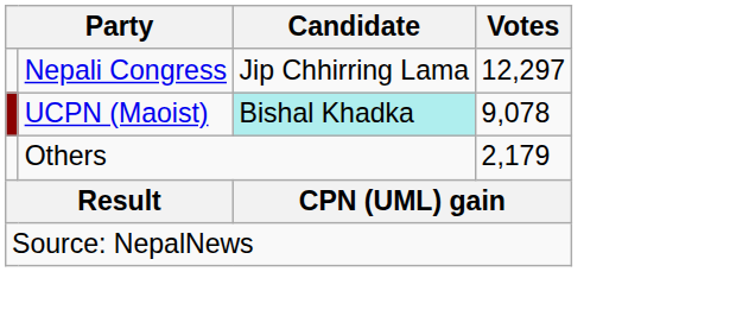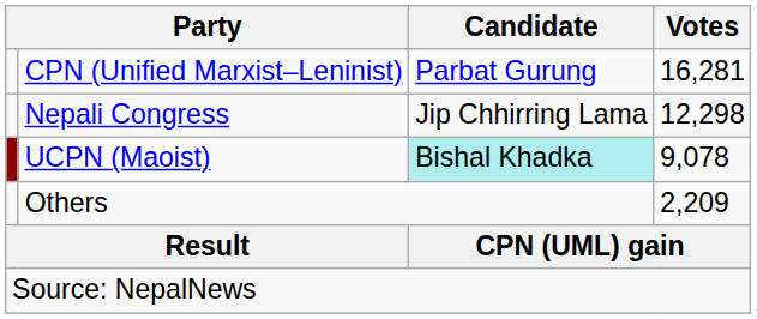 <table class="wikitable">
 <tr>
 <th colspan="2">Party</th>
 <th>Candidate</th>
 <th>Votes</th>
 </tr>
 <tr>
 <td style="background-color:"></td>
+<td><a href='#'>CPN (Unified Marxist–Leninist)</a></td>
+<td><a href='#'>Parbat Gurung</a></td>
+<td>16,281</td>
+</tr>
+<tr>
+<td style="background-color:"></td>
 <td><a href='#'>Nepali Congress</a></td>
 <td>Jip Chhirring Lama</td>
-<td>12,297</td>
+<td>12,298</td>
 </tr>
 <tr>
 <td style="background-color:darkred"></td>
 <td><a href='#'>UCPN (Maoist)</a></td>
 <td style="background: paleturquoise;">Bishal Khadka</td>
 <td>9,078</td>
 </tr>
 <tr>
 <td></td>
 <td colspan="2">Others</td>
-<td>2,179</td>
+<td>2,209</td>
 </tr>
 <tr>
 <th colspan="2">Result</th>
 <th colspan="2">CPN (UML) gain</th>
 </tr>
 <tr>
 <td colspan="4">Source: NepalNews</td>
 </tr>
 </table>
